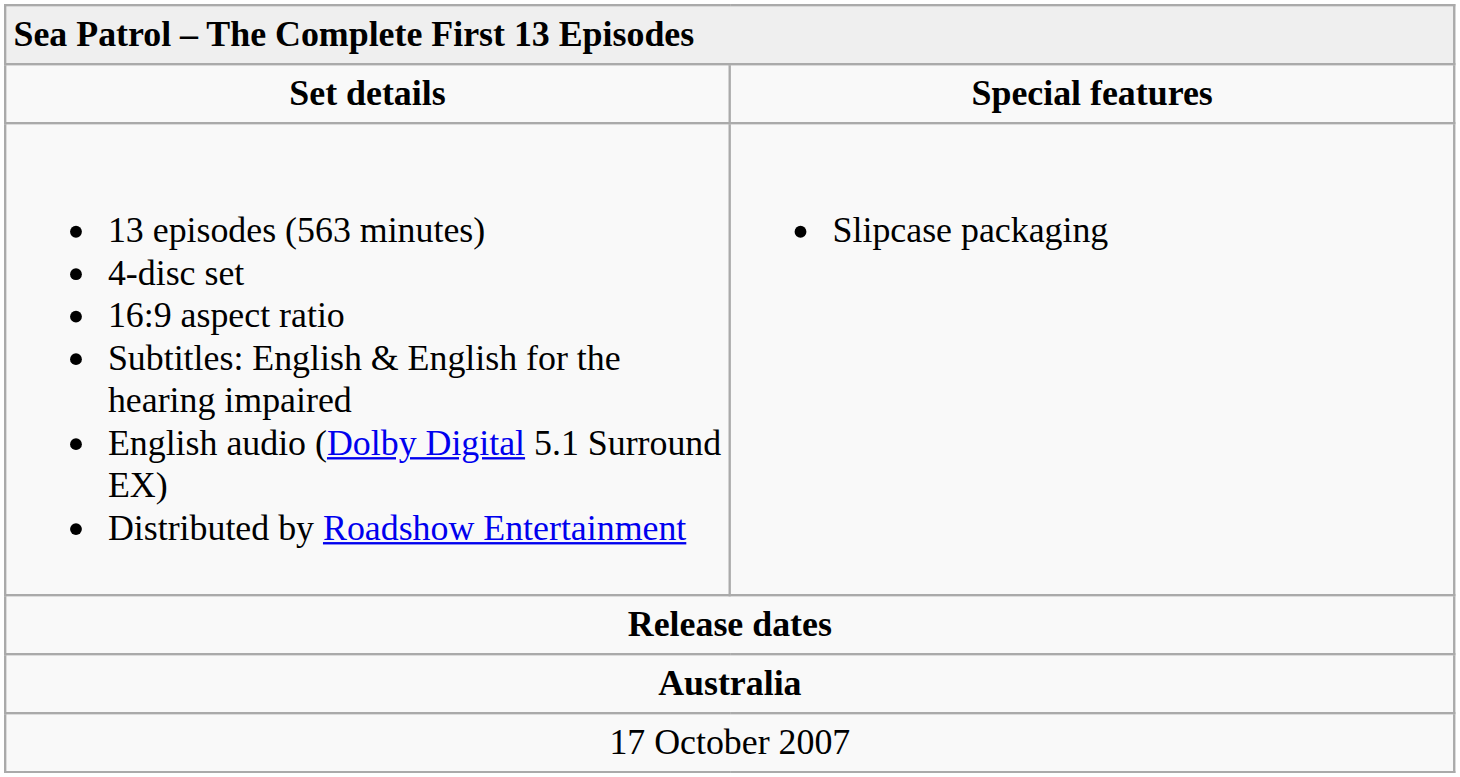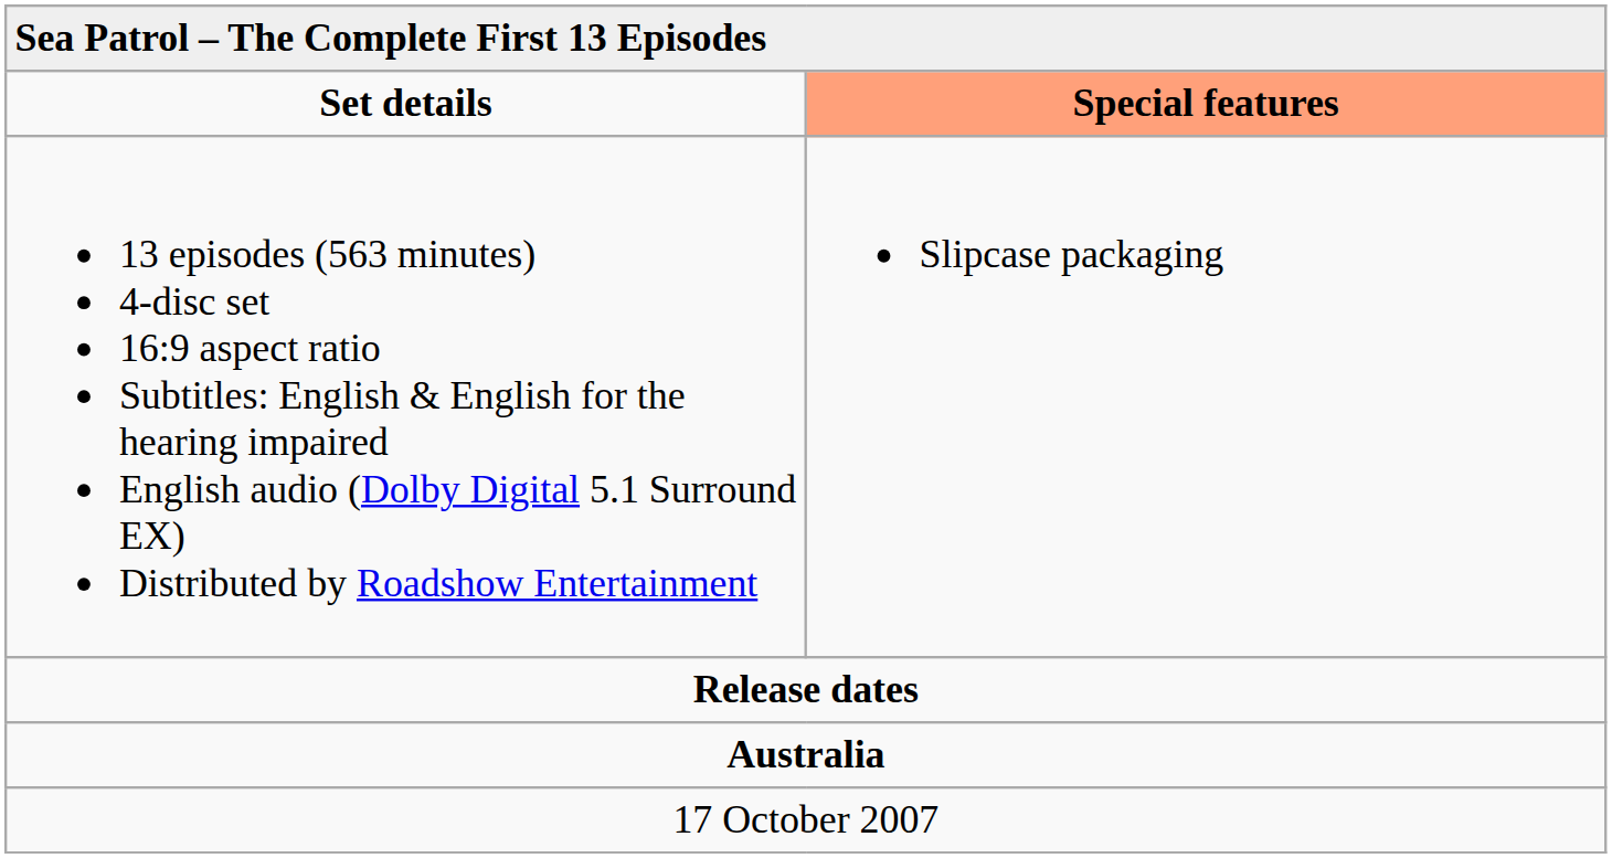 <table class="wikitable" style="font-size: 95%;">
 <tr style="background:#EFEFEF">
 <td colspan="3"><strong>Sea Patrol – The Complete First 13 Episodes</strong></td>
 </tr>
 <tr>
 <td width="300" align="center" colspan="1"><strong>Set details</strong></td>
-<td width="300" align="center" colspan="1"><strong>Special features</strong></td>
+<td width="300" align="center" colspan="1" style="background: lightsalmon;"><strong>Special features</strong></td>
 </tr>
 <tr valign="top">
 <td colspan="1" align="left" width="300"><br><ul><li>13 episodes (563 minutes)</li><li>4-disc set</li><li>16:9 aspect ratio</li><li>Subtitles: English & English for the hearing impaired</li><li>English audio (<a href='#'>Dolby Digital</a> 5.1 Surround EX)</li><li>Distributed by <a href='#'>Roadshow Entertainment</a></li></ul></td>
 <td colspan="1" align="left" width="300"><br><ul><li>Slipcase packaging</li></ul></td>
 </tr>
 <tr>
 <td colspan="3" align="center"><strong>Release dates</strong></td>
 </tr>
 <tr>
 <td colspan="3" align="center"><strong>Australia</strong></td>
 </tr>
 <tr>
 <td colspan="3" align="center">17 October 2007</td>
 </tr>
 </table>
